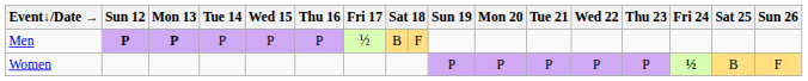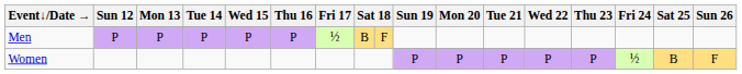 <table class="wikitable" style="margin:0.5em auto; font-size:90%; line-height:1.25em;">
 <tr style="text-align:center;">
 <th>Event↓/Date →</th>
 <th>Sun 12</th>
 <th>Mon 13</th>
 <th>Tue 14</th>
 <th>Wed 15</th>
 <th>Thu 16</th>
 <th>Fri 17</th>
 <th colspan=2>Sat 18</th>
 <th>Sun 19</th>
 <th>Mon 20</th>
 <th>Tue 21</th>
 <th>Wed 22</th>
 <th>Thu 23</th>
 <th>Fri 24</th>
 <th>Sat 25</th>
 <th>Sun 26</th>
 </tr>
 <tr style="text-align:center;">
 <td style="text-align:left;"><a href='#'>Men</a></td>
-<td style="background-color:#D0A9F5;"><strong>P</strong></td>
-<td style="background-color:#D0A9F5;"><strong>P</strong></td>
+<td style="background-color:#D0A9F5;">P</td>
+<td style="background-color:#D0A9F5;">P</td>
 <td style="background-color:#D0A9F5;">P</td>
 <td style="background-color:#D0A9F5;">P</td>
 <td style="background-color:#D0A9F5;">P</td>
 <td style="background-color:#D9FFB2;">½</td>
 <td style="background-color:#FFDF80;">B</td>
 <td style="background-color:#FFDF80;">F</td>
 <td></td>
 <td></td>
 <td></td>
 <td></td>
 <td></td>
 <td></td>
 <td></td>
 <td></td>
 </tr>
 <tr style="text-align:center;">
 <td style="text-align:left;"><a href='#'>Women</a></td>
 <td></td>
 <td></td>
 <td></td>
 <td></td>
 <td></td>
 <td></td>
 <td colspan=2></td>
 <td style="background-color:#D0A9F5;">P</td>
 <td style="background-color:#D0A9F5;">P</td>
 <td style="background-color:#D0A9F5;">P</td>
 <td style="background-color:#D0A9F5;">P</td>
 <td style="background-color:#D0A9F5;">P</td>
-<td style="background-color:#D9FFB2;"><strong>½</strong></td>
+<td style="background-color:#D9FFB2;">½</td>
 <td style="background-color:#FFDF80;">B</td>
 <td style="background-color:#FFDF80;">F</td>
 </tr>
 </table>
